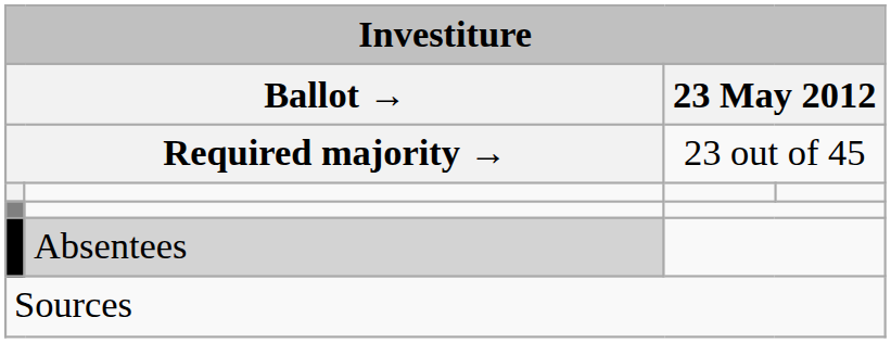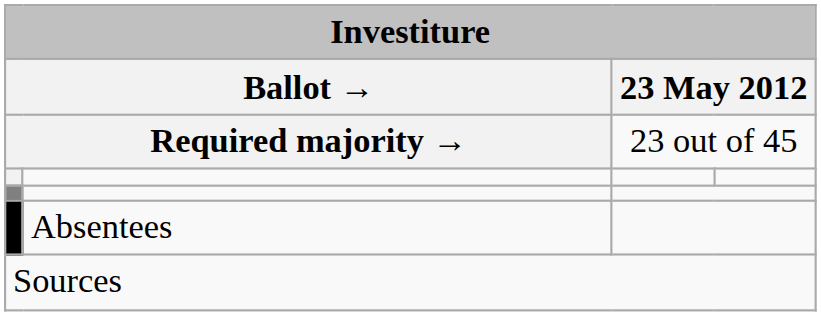 <table class="wikitable" style="text-align:center;">
 <tr bgcolor="#E9E9E9">
 <td colspan="4" align="center" bgcolor="#C0C0C0"><strong>Investiture</strong></td>
 </tr>
 <tr>
 <th colspan="2" width="275px">Ballot →</th>
 <th colspan="2">23 May 2012</th>
 </tr>
 <tr>
 <th colspan="2">Required majority →</th>
 <td colspan="2">23 out of 45</td>
 </tr>
 <tr>
 <th width="1px" style="background:"></th>
 <td align="left"></td>
 <td></td>
 <td></td>
 </tr>
 <tr>
 <th style="background:gray;"></th>
 <td align="left"></td>
 <td colspan="2"></td>
 </tr>
 <tr>
 <th style="background:black;"></th>
-<td align="left" style="background: lightgrey;">Absentees</td>
+<td align="left">Absentees</td>
 <td colspan="2"></td>
 </tr>
 <tr>
 <td align="left" colspan="4">Sources</td>
 </tr>
 </table>
